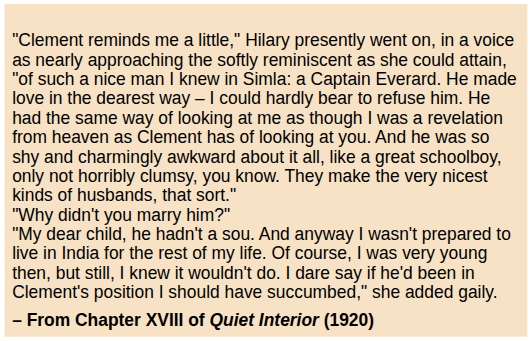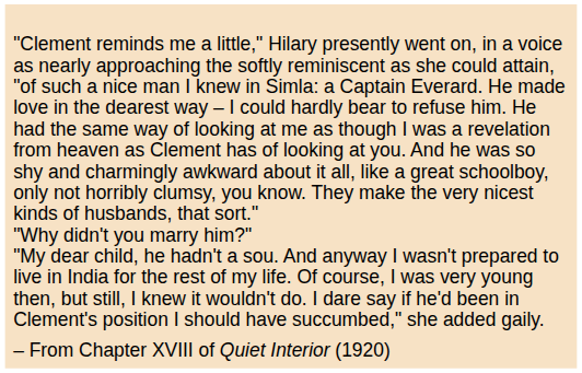 <table class="toccolours" style="float: right; margin-left: 1em; margin-right: 2em; font-size: 90%; background:#f7e2c5; color:black; width:30em; max-width: 40%;" cellspacing="5">
 <tr>
 <td style="text-align: left;"><br>"Clement reminds me a little," Hilary presently went on, in a voice as nearly approaching the softly reminiscent as she could attain, "of such a nice man I knew in Simla: a Captain Everard. He made love in the dearest way – I could hardly bear to refuse him. He had the same way of looking at me as though I was a revelation from heaven as Clement has of looking at you. And he was so shy and charmingly awkward about it all, like a great schoolboy, only not horribly clumsy, you know. They make the very nicest kinds of husbands, that sort."<br>"Why didn't you marry him?"<br>"My dear child, he hadn't a sou. And anyway I wasn't prepared to live in India for the rest of my life. Of course, I was very young then, but still, I knew it wouldn't do. I dare say if he'd been in Clement's position I should have succumbed," she added gaily.</td>
 </tr>
 <tr>
-<td style="text-align: left;"><strong>– From Chapter XVIII of <em>Quiet Interior</em> (1920)</strong></td>
+<td style="text-align: left;">– From Chapter XVIII of <em>Quiet Interior</em> (1920)</td>
 </tr>
 </table>
